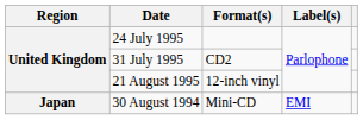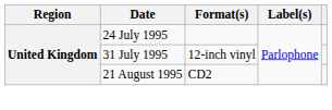 <table class="wikitable plainrowheaders">
 <tr>
 <th scope="col">Region</th>
 <th scope="col">Date</th>
 <th scope="col">Format(s)</th>
 <th scope="col">Label(s)</th>
 <th scope="col"></th>
 </tr>
 <tr>
 <th scope="row" rowspan="3">United Kingdom</th>
 <td>24 July 1995</td>
 <td></td>
 <td rowspan="3"><a href='#'>Parlophone</a></td>
 <td></td>
 </tr>
 <tr>
 <td>31 July 1995</td>
-<td>CD2</td>
+<td>12-inch vinyl</td>
 <td></td>
 </tr>
 <tr>
 <td>21 August 1995</td>
-<td>12-inch vinyl</td>
-<td></td>
-</tr>
-<tr>
-<th scope="row">Japan</th>
-<td>30 August 1994</td>
-<td>Mini-CD</td>
-<td><a href='#'>EMI</a></td>
+<td>CD2</td>
 <td></td>
 </tr>
 </table>
